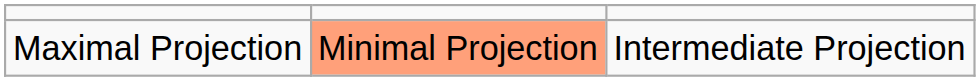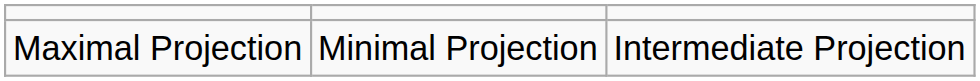 <table class="wikitable">
 <tr>
 <td></td>
 <td></td>
 <td></td>
 </tr>
 <tr>
 <td>Maximal Projection</td>
-<td style="background: lightsalmon;">Minimal Projection</td>
+<td>Minimal Projection</td>
 <td>Intermediate Projection</td>
 </tr>
 </table>
